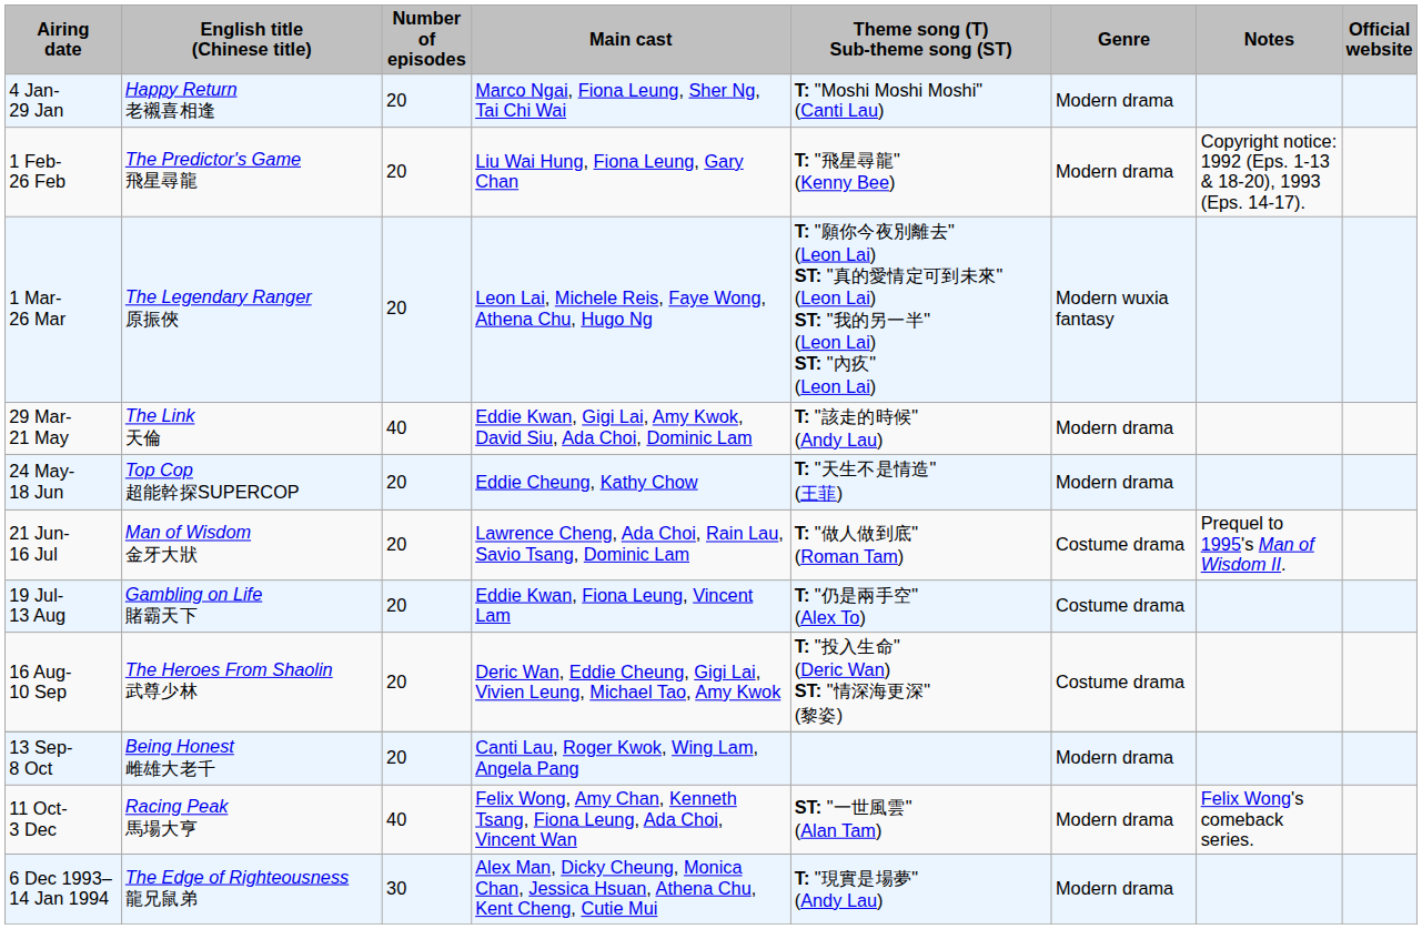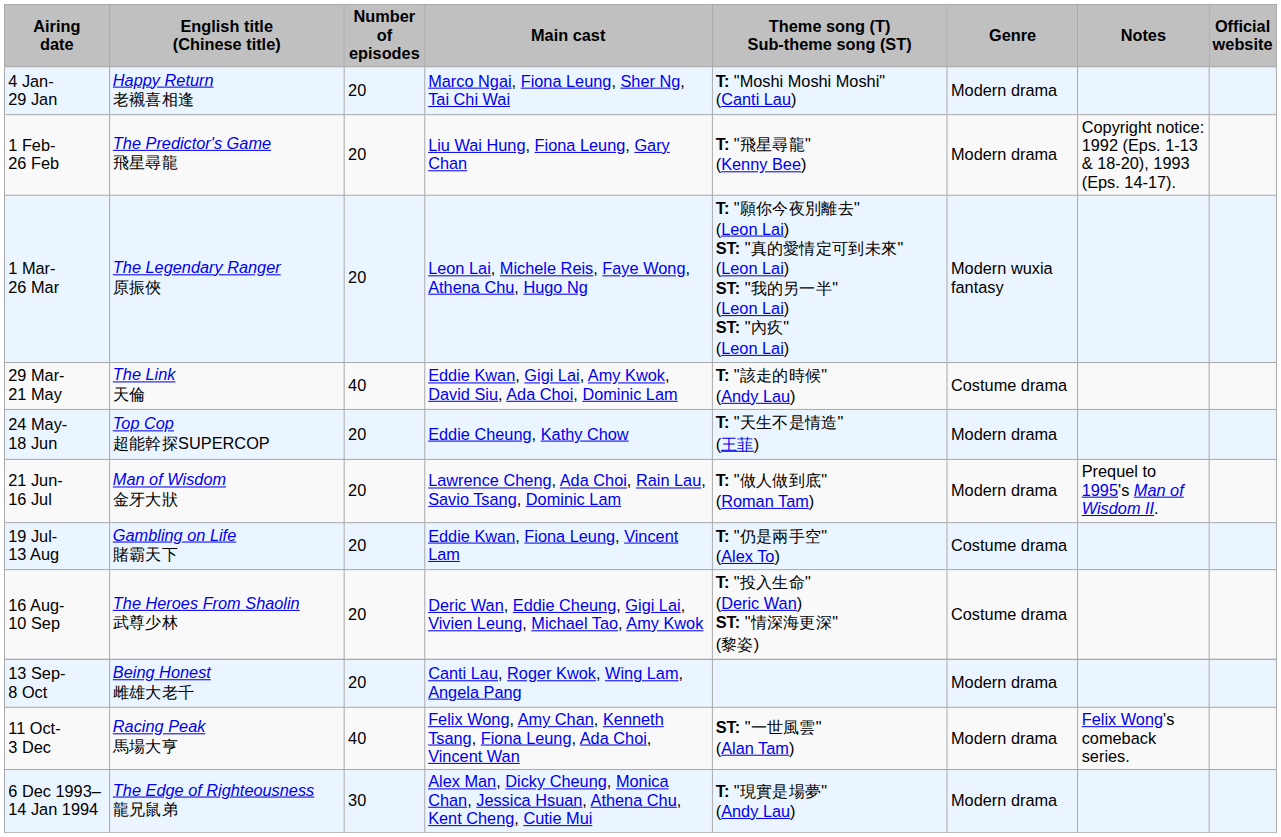 <table class="wikitable">
 <tr>
 <th style="width:8%; text-align:center; background:silver;">Airing<br>date</th>
 <th style="width:18%; text-align:center; background:silver;">English title <br> (Chinese title)</th>
 <th style="width:5%; text-align:center; background:silver;">Number of episodes</th>
 <th style="width:22%; text-align:center; background:silver;">Main cast</th>
 <th style="width:18%; text-align:center; background:silver;">Theme song (T) <br>Sub-theme song (ST)</th>
 <th style="width:10%; text-align:center; background:silver;">Genre</th>
 <th style="width:10%; text-align:center; background:silver;">Notes</th>
 <th style="width:1%; text-align:center; background:silver;">Official website</th>
 </tr>
 <tr style="background:#ebf5ff;">
 <td>4 Jan- <br> 29 Jan</td>
 <td><em><a href='#'>Happy Return</a></em> <br> 老襯喜相逢</td>
 <td>20</td>
 <td><a href='#'>Marco Ngai</a>, <a href='#'>Fiona Leung</a>, <a href='#'>Sher Ng</a>, <a href='#'>Tai Chi Wai</a></td>
 <td><strong>T:</strong> "Moshi Moshi Moshi" <br> (<a href='#'>Canti Lau</a>)</td>
 <td>Modern drama</td>
 <td></td>
 <td></td>
 </tr>
 <tr>
 <td>1 Feb- <br> 26 Feb</td>
 <td><em><a href='#'>The Predictor's Game</a></em> <br> 飛星尋龍</td>
 <td>20</td>
 <td><a href='#'>Liu Wai Hung</a>, <a href='#'>Fiona Leung</a>, <a href='#'>Gary Chan</a></td>
 <td><strong>T:</strong> "飛星尋龍" <br> (<a href='#'>Kenny Bee</a>)</td>
 <td>Modern drama</td>
 <td>Copyright notice: 1992 (Eps. 1-13 & 18-20), 1993 (Eps. 14-17).</td>
 <td></td>
 </tr>
 <tr style="background:#ebf5ff;">
 <td>1 Mar- <br> 26 Mar</td>
 <td><em><a href='#'>The Legendary Ranger</a></em> <br> 原振俠</td>
 <td>20</td>
 <td><a href='#'>Leon Lai</a>, <a href='#'>Michele Reis</a>, <a href='#'>Faye Wong</a>, <a href='#'>Athena Chu</a>, <a href='#'>Hugo Ng</a></td>
 <td><strong>T:</strong> "願你今夜別離去" <br> (<a href='#'>Leon Lai</a>)<br><strong>ST:</strong> "真的愛情定可到未來" <br> (<a href='#'>Leon Lai</a>) <br><strong>ST:</strong> "我的另一半" <br> (<a href='#'>Leon Lai</a>) <br><strong>ST:</strong> "內疚" <br> (<a href='#'>Leon Lai</a>)</td>
 <td>Modern wuxia fantasy</td>
 <td></td>
 <td> </td>
 </tr>
 <tr>
 <td>29 Mar- <br> 21 May</td>
 <td><em><a href='#'>The Link</a></em> <br> 天倫</td>
 <td>40</td>
 <td><a href='#'>Eddie Kwan</a>, <a href='#'>Gigi Lai</a>, <a href='#'>Amy Kwok</a>, <a href='#'>David Siu</a>, <a href='#'>Ada Choi</a>, <a href='#'>Dominic Lam</a></td>
 <td><strong>T:</strong> "該走的時候" <br> (<a href='#'>Andy Lau</a>)</td>
-<td>Modern drama</td>
+<td>Costume drama</td>
 <td></td>
 <td></td>
 </tr>
 <tr style="background:#ebf5ff;">
 <td>24 May- <br> 18 Jun</td>
 <td><em><a href='#'>Top Cop</a></em> <br> 超能幹探SUPERCOP</td>
 <td>20</td>
 <td><a href='#'>Eddie Cheung</a>, <a href='#'>Kathy Chow</a></td>
 <td><strong>T:</strong> "天生不是情造" <br> (<a href='#'>王菲</a>)</td>
 <td>Modern drama</td>
 <td></td>
 <td></td>
 </tr>
 <tr>
 <td>21 Jun- <br> 16 Jul</td>
 <td><em><a href='#'>Man of Wisdom</a></em> <br> 金牙大狀</td>
 <td>20</td>
 <td><a href='#'>Lawrence Cheng</a>, <a href='#'>Ada Choi</a>, <a href='#'>Rain Lau</a>, <a href='#'>Savio Tsang</a>, <a href='#'>Dominic Lam</a></td>
 <td><strong>T:</strong> "做人做到底" <br> (<a href='#'>Roman Tam</a>)</td>
-<td>Costume drama</td>
+<td>Modern drama</td>
 <td>Prequel to <a href='#'>1995</a>'s <em><a href='#'>Man of Wisdom II</a></em>.</td>
 <td></td>
 </tr>
 <tr style="background:#ebf5ff;">
 <td>19 Jul- <br> 13 Aug</td>
 <td><em><a href='#'>Gambling on Life</a></em> <br> 賭霸天下</td>
 <td>20</td>
 <td><a href='#'>Eddie Kwan</a>, <a href='#'>Fiona Leung</a>, <a href='#'>Vincent Lam</a></td>
 <td><strong>T:</strong> "仍是兩手空" <br> (<a href='#'>Alex To</a>)</td>
 <td>Costume drama</td>
 <td></td>
 <td></td>
 </tr>
 <tr>
 <td>16 Aug- <br> 10 Sep</td>
 <td><em><a href='#'>The Heroes From Shaolin</a></em> <br> 武尊少林</td>
 <td>20</td>
 <td><a href='#'>Deric Wan</a>, <a href='#'>Eddie Cheung</a>, <a href='#'>Gigi Lai</a>, <a href='#'>Vivien Leung</a>, <a href='#'>Michael Tao</a>, <a href='#'>Amy Kwok</a></td>
 <td><strong>T:</strong> "投入生命" <br> (<a href='#'>Deric Wan</a>)<br><strong>ST:</strong> "情深海更深" <br> (黎姿)</td>
 <td>Costume drama</td>
 <td></td>
 <td></td>
 </tr>
 <tr>
 </tr>
 <tr style="background:#ebf5ff;">
 <td>13 Sep- <br> 8 Oct</td>
 <td><em><a href='#'>Being Honest</a></em> <br> 雌雄大老千</td>
 <td>20</td>
 <td><a href='#'>Canti Lau</a>, <a href='#'>Roger Kwok</a>, <a href='#'>Wing Lam</a>, <a href='#'>Angela Pang</a></td>
 <td></td>
 <td>Modern drama</td>
 <td></td>
 <td></td>
 </tr>
 <tr>
 <td>11 Oct- <br> 3 Dec</td>
 <td><em><a href='#'>Racing Peak</a></em> <br> 馬場大亨</td>
 <td>40</td>
 <td><a href='#'>Felix Wong</a>, <a href='#'>Amy Chan</a>, <a href='#'>Kenneth Tsang</a>, <a href='#'>Fiona Leung</a>, <a href='#'>Ada Choi</a>, <a href='#'>Vincent Wan</a></td>
 <td><strong>ST:</strong> "一世風雲" <br> (<a href='#'>Alan Tam</a>)</td>
 <td>Modern drama</td>
 <td><a href='#'>Felix Wong</a>'s comeback series.</td>
 <td></td>
 </tr>
 <tr style="background:#ebf5ff;">
 <td>6 Dec 1993– <br> 14 Jan 1994</td>
 <td><em><a href='#'>The Edge of Righteousness</a></em> <br> 龍兄鼠弟</td>
 <td>30</td>
 <td><a href='#'>Alex Man</a>, <a href='#'>Dicky Cheung</a>, <a href='#'>Monica Chan</a>, <a href='#'>Jessica Hsuan</a>, <a href='#'>Athena Chu</a>, <a href='#'>Kent Cheng</a>, <a href='#'>Cutie Mui</a></td>
 <td><strong>T:</strong> "現實是場夢" <br> (<a href='#'>Andy Lau</a>)</td>
 <td>Modern drama</td>
 <td></td>
 <td></td>
 </tr>
 </table>
